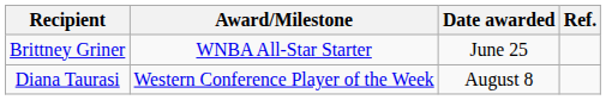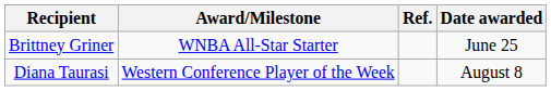 <table class="wikitable sortable sortable" style="text-align: center">
 <tr>
 <th>Recipient</th>
 <th>Award/Milestone</th>
+<th>Ref.</th>
 <th>Date awarded</th>
-<th>Ref.</th>
 </tr>
 <tr>
 <td><a href='#'>Brittney Griner</a></td>
 <td><a href='#'>WNBA All-Star Starter</a></td>
+<td></td>
 <td>June 25</td>
-<td></td>
 </tr>
 <tr>
 <td><a href='#'>Diana Taurasi</a></td>
 <td><a href='#'>Western Conference Player of the Week</a></td>
+<td></td>
 <td>August 8</td>
-<td></td>
 </tr>
 </table>
